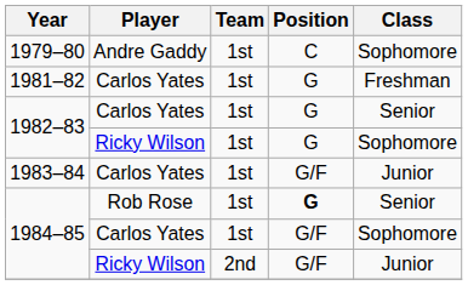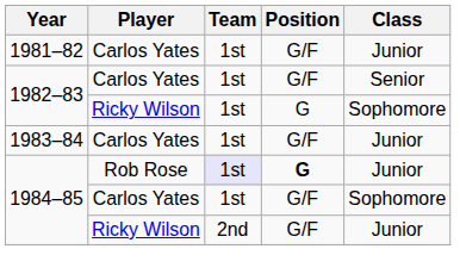 <table class="wikitable">
 <tr>
 <th>Year</th>
 <th>Player</th>
 <th>Team</th>
 <th>Position</th>
 <th>Class</th>
 </tr>
 <tr align="center">
-<td>1979–80</td>
-<td>Andre Gaddy</td>
-<td>1st</td>
-<td>C</td>
-<td>Sophomore</td>
-</tr>
-<tr align="center">
 <td>1981–82</td>
 <td>Carlos Yates</td>
 <td>1st</td>
-<td>G</td>
-<td>Freshman</td>
+<td>G/F</td>
+<td>Junior</td>
 </tr>
 <tr align="center">
 <td rowspan=2>1982–83</td>
 <td>Carlos Yates</td>
 <td>1st</td>
-<td>G</td>
+<td>G/F</td>
 <td>Senior</td>
 </tr>
 <tr align="center">
 <td><a href='#'>Ricky Wilson</a></td>
 <td>1st</td>
 <td>G</td>
 <td>Sophomore</td>
 </tr>
 <tr align="center">
 <td>1983–84</td>
 <td>Carlos Yates</td>
 <td>1st</td>
 <td>G/F</td>
 <td>Junior</td>
 </tr>
 <tr align="center">
 <td rowspan=3>1984–85</td>
 <td>Rob Rose</td>
-<td>1st</td>
+<td style="background: lavender;">1st</td>
 <td><strong>G</strong></td>
-<td>Senior</td>
+<td>Junior</td>
 </tr>
 <tr align="center">
 <td>Carlos Yates</td>
 <td>1st</td>
 <td>G/F</td>
 <td>Sophomore</td>
 </tr>
 <tr align="center">
 <td><a href='#'>Ricky Wilson</a></td>
 <td>2nd</td>
 <td>G/F</td>
 <td>Junior</td>
 </tr>
 <tr align="center">
 </tr>
 </table>
